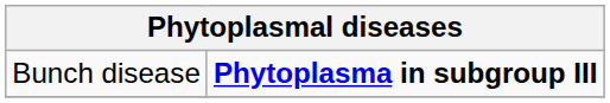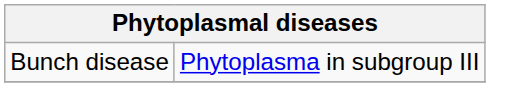 <table class="wikitable" style="clear">
 <tr>
 <th colspan=2><strong>Phytoplasmal diseases</strong><br></th>
 </tr>
 <tr>
 <td>Bunch disease</td>
-<td><strong><a href='#'>Phytoplasma</a> in subgroup III</strong></td>
+<td><a href='#'>Phytoplasma</a> in subgroup III</td>
 </tr>
 <tr>
 </tr>
 </table>
